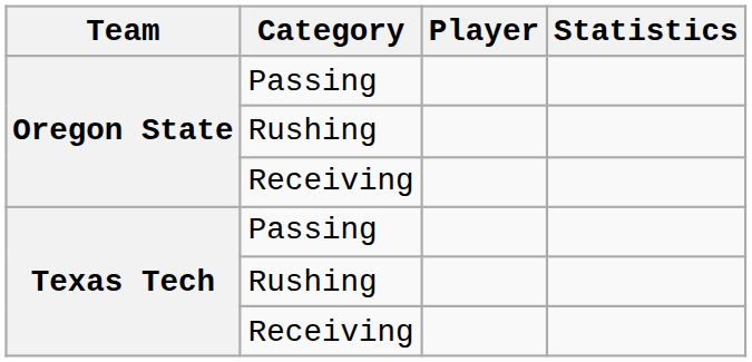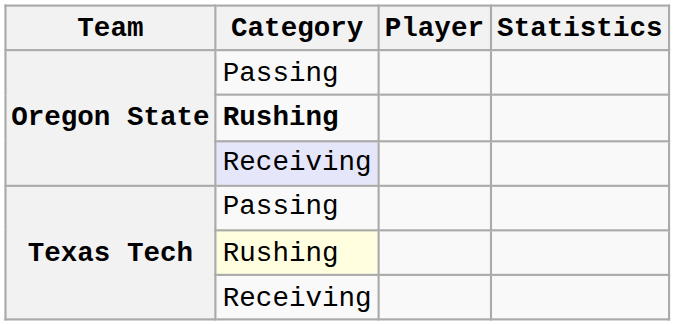 <table class="wikitable" style="float:right">
 <tr>
 <th>Team</th>
 <th>Category</th>
 <th>Player</th>
 <th>Statistics</th>
 </tr>
 <tr>
 <th rowspan=3>Oregon State</th>
 <td>Passing</td>
 <td></td>
 <td></td>
 </tr>
 <tr>
-<td>Rushing</td>
+<td><strong>Rushing</strong></td>
 <td></td>
 <td></td>
 </tr>
 <tr>
-<td>Receiving</td>
+<td style="background: lavender;">Receiving</td>
 <td></td>
 <td></td>
 </tr>
 <tr>
 <th rowspan=3>Texas Tech</th>
 <td>Passing</td>
 <td></td>
 <td></td>
 </tr>
 <tr>
-<td>Rushing</td>
+<td style="background: lightyellow;">Rushing</td>
 <td></td>
 <td></td>
 </tr>
 <tr>
 <td>Receiving</td>
 <td></td>
 <td></td>
 </tr>
 </table>
